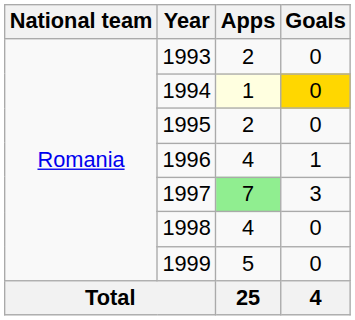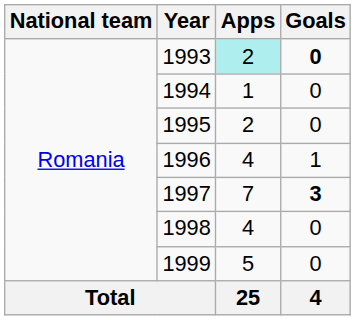 <table class="wikitable" style="text-align:center">
 <tr>
 <th>National team</th>
 <th>Year</th>
 <th>Apps</th>
 <th>Goals</th>
 </tr>
 <tr>
 <td rowspan="7"><a href='#'>Romania</a></td>
 <td>1993</td>
-<td>2</td>
-<td>0</td>
+<td style="background: paleturquoise;">2</td>
+<td><strong>0</strong></td>
 </tr>
 <tr>
 <td>1994</td>
-<td style="background: lightyellow;">1</td>
-<td style="background: gold;">0</td>
+<td>1</td>
+<td>0</td>
 </tr>
 <tr>
 <td>1995</td>
 <td>2</td>
 <td>0</td>
 </tr>
 <tr>
 <td>1996</td>
 <td>4</td>
 <td>1</td>
 </tr>
 <tr>
 <td>1997</td>
-<td style="background: lightgreen;">7</td>
-<td>3</td>
+<td>7</td>
+<td><strong>3</strong></td>
 </tr>
 <tr>
 <td>1998</td>
 <td>4</td>
 <td>0</td>
 </tr>
 <tr>
 <td>1999</td>
 <td>5</td>
 <td>0</td>
 </tr>
 <tr>
 <th colspan="2">Total</th>
 <th>25</th>
 <th>4</th>
 </tr>
 </table>
